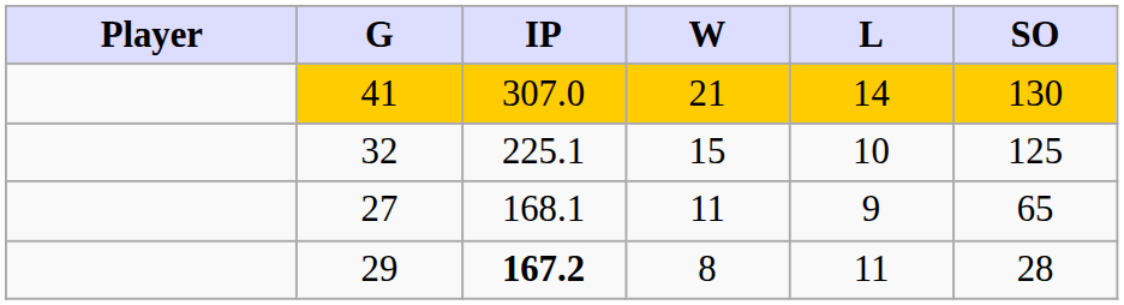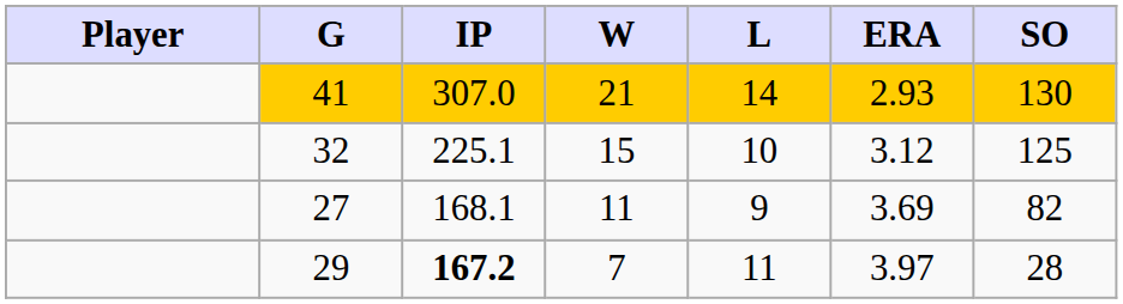 <table class="wikitable sortable">
 <tr>
 <th style="background:#ddf; width:16%;">Player</th>
 <th style="background:#ddf; width:9%;">G</th>
 <th style="background:#ddf; width:9%;">IP</th>
 <th style="background:#ddf; width:9%;">W</th>
 <th style="background:#ddf; width:9%;">L</th>
+<th style="background:#ddf; width:9%;">ERA</th>
 <th style="background:#ddf; width:9%;">SO</th>
 </tr>
 <tr style="text-align:center;">
 <td></td>
 <td style="background:#fc0;">41</td>
 <td style="background:#fc0;">307.0</td>
 <td style="background:#fc0;">21</td>
 <td style="background:#fc0;">14</td>
+<td style="background:#fc0;">2.93</td>
 <td style="background:#fc0;">130</td>
 </tr>
 <tr style="text-align:center;">
 <td></td>
 <td>32</td>
 <td>225.1</td>
 <td>15</td>
 <td>10</td>
+<td>3.12</td>
 <td>125</td>
 </tr>
 <tr style="text-align:center;">
 <td></td>
 <td>27</td>
 <td>168.1</td>
 <td>11</td>
 <td>9</td>
-<td>65</td>
+<td>3.69</td>
+<td>82</td>
 </tr>
 <tr style="text-align:center;">
 <td></td>
 <td>29</td>
 <td><strong>167.2</strong></td>
-<td>8</td>
+<td>7</td>
 <td>11</td>
+<td>3.97</td>
 <td>28</td>
 </tr>
 </table>
